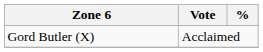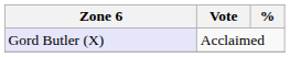 <table class="wikitable">
 <tr>
 <th bgcolor="#DDDDFF" width="200px">Zone 6</th>
 <th bgcolor="#DDDDFF" width="50px">Vote</th>
 <th bgcolor="#DDDDFF" width="30px">%</th>
 </tr>
 <tr>
-<td>Gord Butler (X)</td>
+<td style="background: lavender;">Gord Butler (X)</td>
 <td colspan=2>Acclaimed</td>
 </tr>
 <tr>
 </tr>
 </table>
